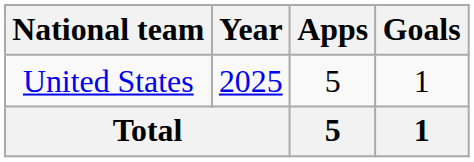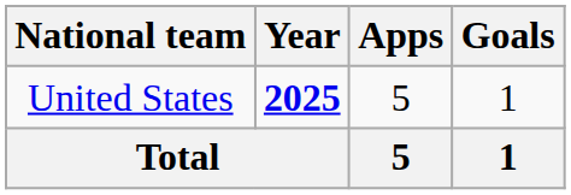 <table class="wikitable" style="text-align:center">
 <tr>
 <th>National team</th>
 <th>Year</th>
 <th>Apps</th>
 <th>Goals</th>
 </tr>
 <tr>
 <td rowspan=1><a href='#'>United States</a></td>
-<td><a href='#'>2025</a></td>
+<td><strong><a href='#'>2025</a></strong></td>
 <td>5</td>
 <td>1</td>
 </tr>
 <tr>
 <th colspan=2>Total</th>
 <th>5</th>
 <th>1</th>
 </tr>
 </table>
